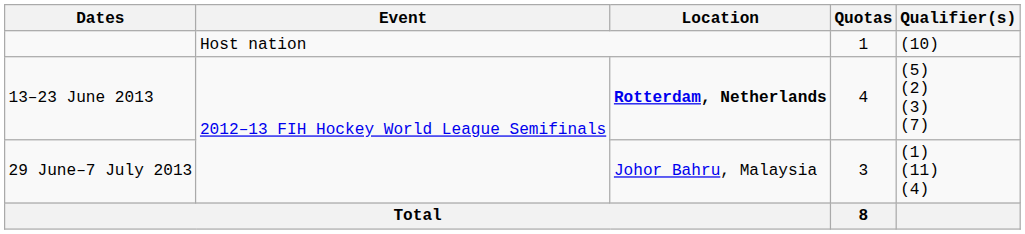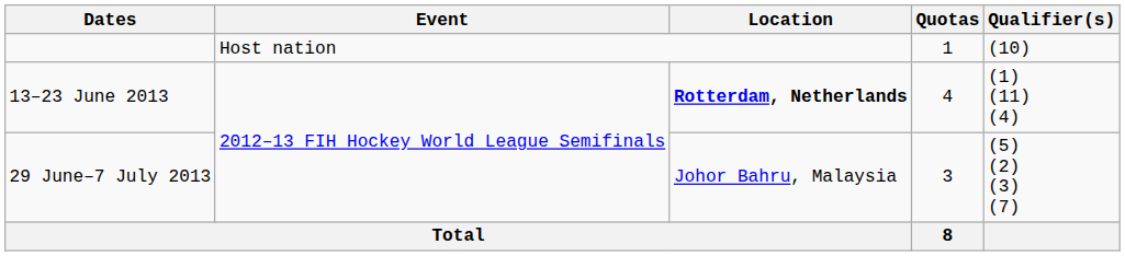 <table class=wikitable>
 <tr>
 <th>Dates</th>
 <th>Event</th>
 <th>Location</th>
 <th>Quotas</th>
 <th>Qualifier(s)</th>
 </tr>
 <tr>
 <td></td>
 <td colspan=2>Host nation</td>
 <td align=center>1</td>
 <td> (10)</td>
 </tr>
 <tr>
 <td>13–23 June 2013</td>
 <td rowspan=2><a href='#'>2012–13 FIH Hockey World League Semifinals</a></td>
 <td><strong><a href='#'>Rotterdam</a>, Netherlands</strong></td>
 <td align=center>4</td>
-<td> (5)<br> (2)<br> (3)<br> (7)</td>
+<td> (1)<br> (11)<br> (4)</td>
 </tr>
 <tr>
 <td>29 June–7 July 2013</td>
 <td><a href='#'>Johor Bahru</a>, Malaysia</td>
 <td align=center>3</td>
-<td> (1)<br> (11)<br> (4)</td>
+<td> (5)<br> (2)<br> (3)<br> (7)</td>
 </tr>
 <tr>
 <th colspan="3">Total</th>
 <th>8</th>
 <th></th>
 </tr>
 </table>
